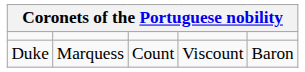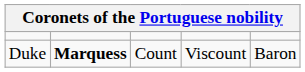 <table class="wikitable" style="margin:1em auto;">
 <tr>
 <th colspan=5>Coronets of the <a href='#'>Portuguese nobility</a></th>
 </tr>
 <tr>
 <td align=center></td>
 <td align=center></td>
 <td align=center></td>
 <td align=center></td>
 <td align=center></td>
 </tr>
 <tr>
 <td align=center>Duke</td>
-<td align=center>Marquess</td>
+<td align=center><strong>Marquess</strong></td>
 <td align=center>Count</td>
 <td align=center>Viscount</td>
 <td align=center>Baron</td>
 </tr>
 </table>
